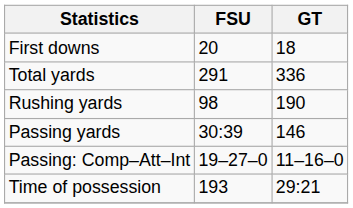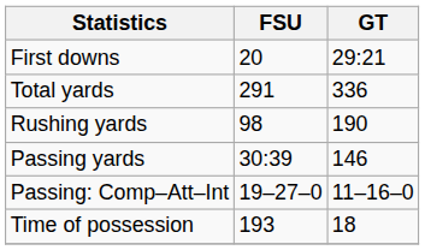 <table class="wikitable" style="float: left;">
 <tr>
 <th>Statistics</th>
 <th>FSU</th>
 <th>GT</th>
 </tr>
 <tr>
 <td>First downs</td>
 <td>20</td>
-<td>18</td>
+<td>29:21</td>
 </tr>
 <tr>
 <td>Total yards</td>
 <td>291</td>
 <td>336</td>
 </tr>
 <tr>
 <td>Rushing yards</td>
 <td>98</td>
 <td>190</td>
 </tr>
 <tr>
 <td>Passing yards</td>
 <td>30:39</td>
 <td>146</td>
 </tr>
 <tr>
 <td>Passing: Comp–Att–Int</td>
 <td>19–27–0</td>
 <td>11–16–0</td>
 </tr>
 <tr>
 <td>Time of possession</td>
 <td>193</td>
-<td>29:21</td>
+<td>18</td>
 </tr>
 <tr>
 </tr>
 </table>
